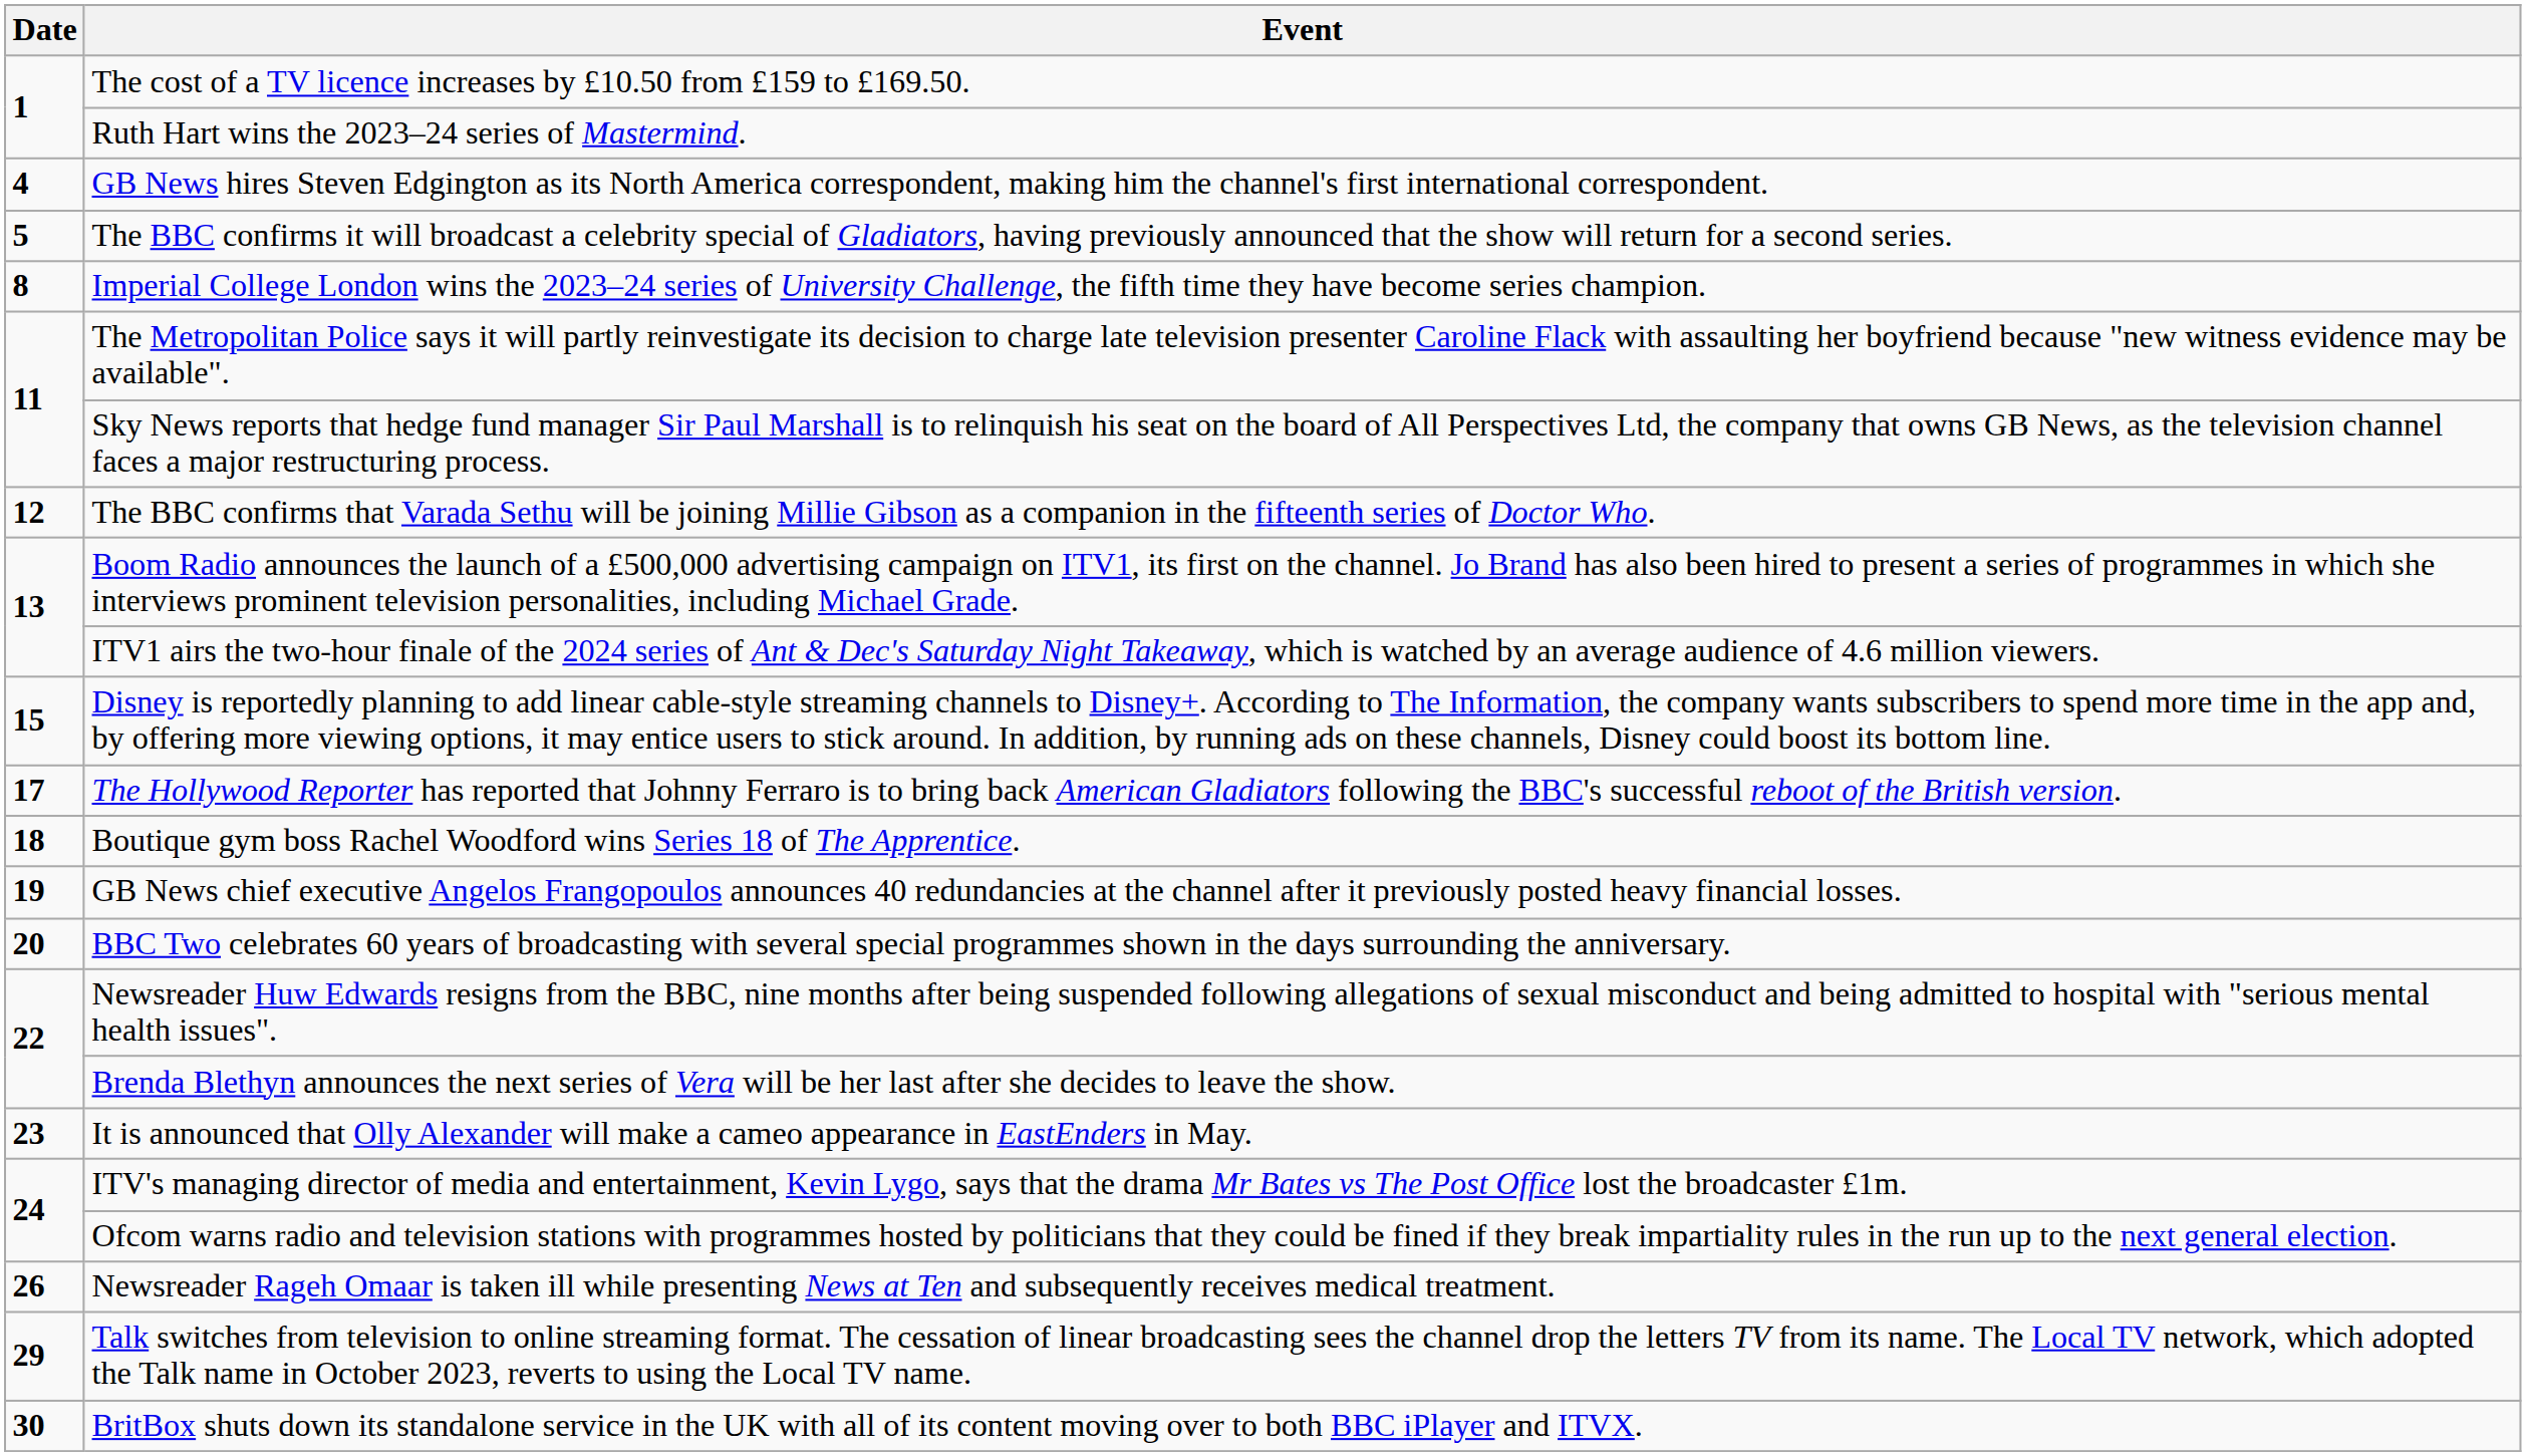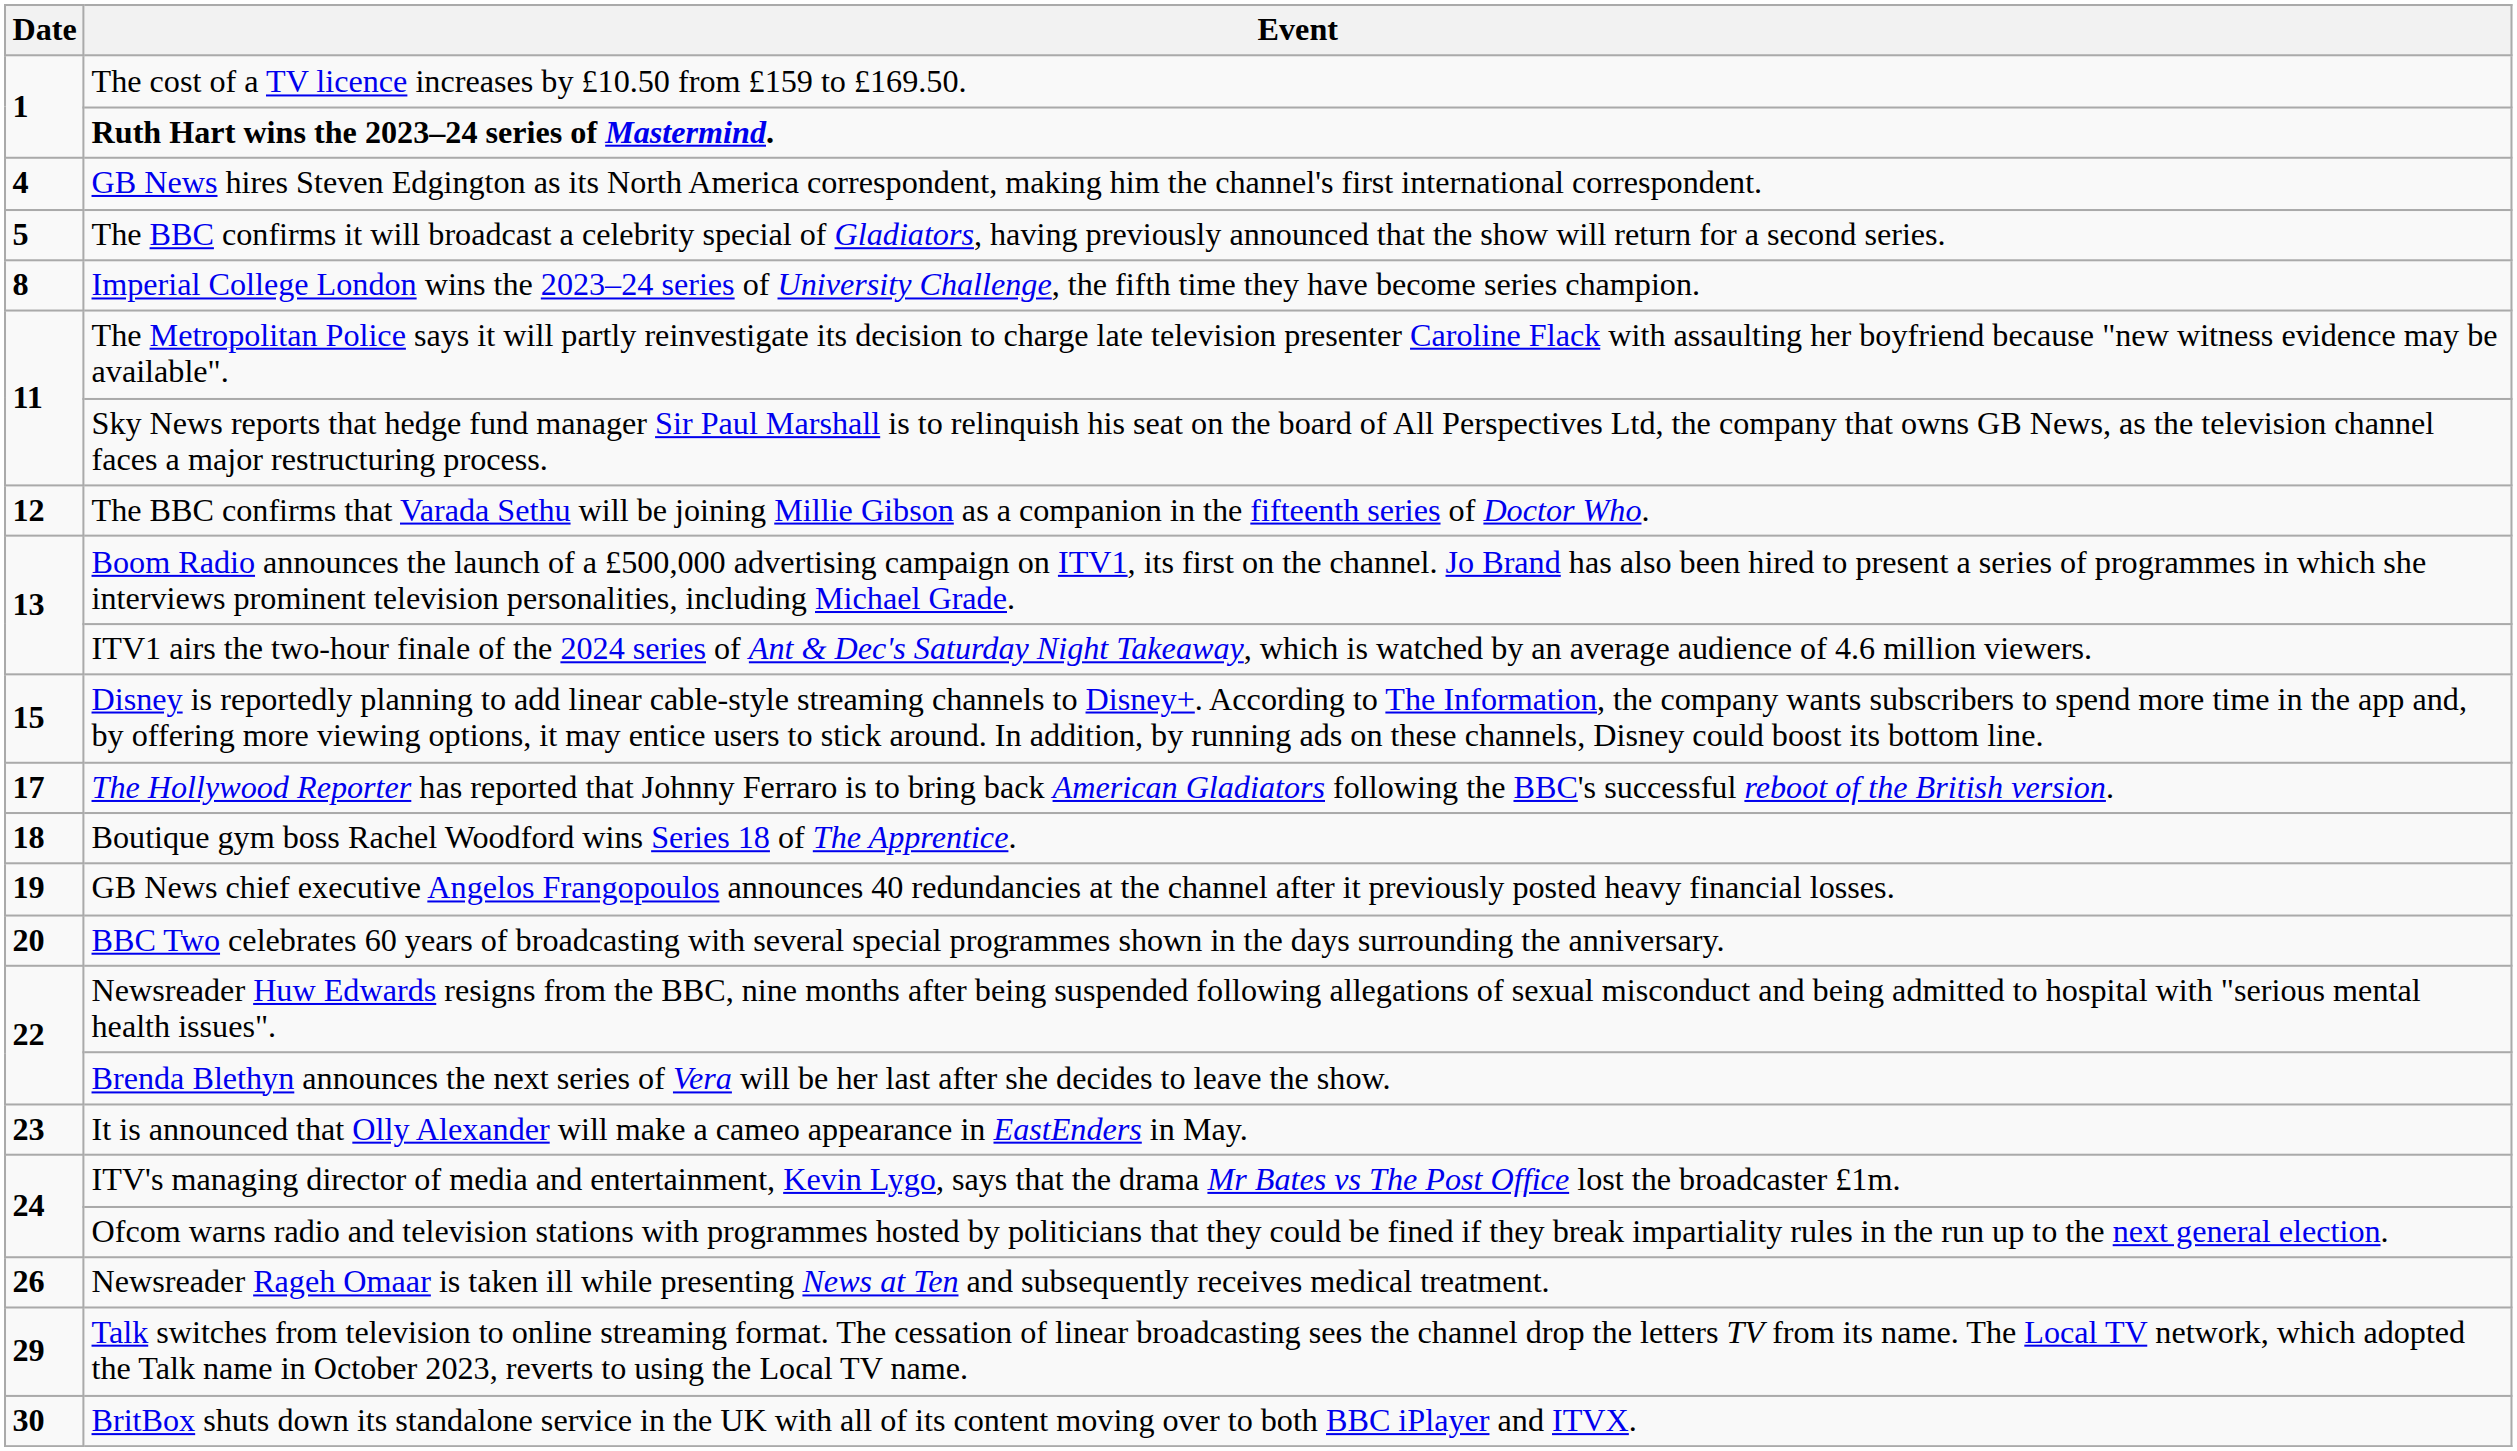 <table class="wikitable">
 <tr>
 <th>Date</th>
 <th>Event</th>
 </tr>
 <tr>
 <td rowspan=2><strong>1</strong></td>
 <td>The cost of a <a href='#'>TV licence</a> increases by £10.50 from £159 to £169.50.</td>
 </tr>
 <tr>
-<td>Ruth Hart wins the 2023–24 series of <em><a href='#'>Mastermind</a></em>.</td>
+<td><strong>Ruth Hart wins the 2023–24 series of <em><a href='#'>Mastermind</a></em>.</strong></td>
 </tr>
 <tr>
 <td><strong>4</strong></td>
 <td><a href='#'>GB News</a> hires Steven Edgington as its North America correspondent, making him the channel's first international correspondent.</td>
 </tr>
 <tr>
 <td><strong>5</strong></td>
 <td>The <a href='#'>BBC</a> confirms it will broadcast a celebrity special of <em><a href='#'>Gladiators</a></em>, having previously announced that the show will return for a second series.</td>
 </tr>
 <tr>
 <td><strong>8</strong></td>
 <td><a href='#'>Imperial College London</a> wins the <a href='#'>2023–24 series</a> of <em><a href='#'>University Challenge</a></em>, the fifth time they have become series champion.</td>
 </tr>
 <tr>
 <td rowspan=2><strong>11</strong></td>
 <td>The <a href='#'>Metropolitan Police</a> says it will partly reinvestigate its decision to charge late television presenter <a href='#'>Caroline Flack</a> with assaulting her boyfriend because "new witness evidence may be available".</td>
 </tr>
 <tr>
 <td>Sky News reports that hedge fund manager <a href='#'>Sir Paul Marshall</a> is to relinquish his seat on the board of All Perspectives Ltd, the company that owns GB News, as the television channel faces a major restructuring process.</td>
 </tr>
 <tr>
 <td><strong>12</strong></td>
 <td>The BBC confirms that <a href='#'>Varada Sethu</a> will be joining <a href='#'>Millie Gibson</a> as a companion in the <a href='#'>fifteenth series</a> of <em><a href='#'>Doctor Who</a></em>.</td>
 </tr>
 <tr>
 <td rowspan=2><strong>13</strong></td>
 <td><a href='#'>Boom Radio</a> announces the launch of a £500,000 advertising campaign on <a href='#'>ITV1</a>, its first on the channel. <a href='#'>Jo Brand</a> has also been hired to present a series of programmes in which she interviews prominent television personalities, including <a href='#'>Michael Grade</a>.</td>
 </tr>
 <tr>
 <td>ITV1 airs the two-hour finale of the <a href='#'>2024 series</a> of <em><a href='#'>Ant & Dec's Saturday Night Takeaway</a></em>, which is watched by an average audience of 4.6 million viewers.</td>
 </tr>
 <tr>
 <td><strong>15</strong></td>
 <td><a href='#'>Disney</a> is reportedly planning to add linear cable-style streaming channels to <a href='#'>Disney+</a>. According to <a href='#'>The Information</a>, the company wants subscribers to spend more time in the app and, by offering more viewing options, it may entice users to stick around. In addition, by running ads on these channels, Disney could boost its bottom line.</td>
 </tr>
 <tr>
 <td><strong>17</strong></td>
 <td><em><a href='#'>The Hollywood Reporter</a></em> has reported that Johnny Ferraro is to bring back <em><a href='#'>American Gladiators</a></em> following the <a href='#'>BBC</a>'s successful <em><a href='#'>reboot of the British version</a></em>.</td>
 </tr>
 <tr>
 <td><strong>18</strong></td>
 <td>Boutique gym boss Rachel Woodford wins <a href='#'>Series 18</a> of <em><a href='#'>The Apprentice</a></em>.</td>
 </tr>
 <tr>
 <td><strong>19</strong></td>
 <td>GB News chief executive <a href='#'>Angelos Frangopoulos</a> announces 40 redundancies at the channel after it previously posted heavy financial losses.</td>
 </tr>
 <tr>
 <td><strong>20</strong></td>
 <td><a href='#'>BBC Two</a> celebrates 60 years of broadcasting with several special programmes shown in the days surrounding the anniversary.</td>
 </tr>
 <tr>
 <td rowspan=2><strong>22</strong></td>
 <td>Newsreader <a href='#'>Huw Edwards</a> resigns from the BBC, nine months after being suspended following allegations of sexual misconduct and being admitted to hospital with "serious mental health issues".</td>
 </tr>
 <tr>
 <td><a href='#'>Brenda Blethyn</a> announces the next series of <em><a href='#'>Vera</a></em> will be her last after she decides to leave the show.</td>
 </tr>
 <tr>
 <td><strong>23</strong></td>
 <td>It is announced that <a href='#'>Olly Alexander</a> will make a cameo appearance in <em><a href='#'>EastEnders</a></em> in May.</td>
 </tr>
 <tr>
 <td rowspan=2><strong>24</strong></td>
 <td>ITV's managing director of media and entertainment, <a href='#'>Kevin Lygo</a>, says that the drama <em><a href='#'>Mr Bates vs The Post Office</a></em> lost the broadcaster £1m.</td>
 </tr>
 <tr>
 <td>Ofcom warns radio and television stations with programmes hosted by politicians that they could be fined if they break impartiality rules in the run up to the <a href='#'>next general election</a>.</td>
 </tr>
 <tr>
 <td><strong>26</strong></td>
 <td>Newsreader <a href='#'>Rageh Omaar</a> is taken ill while presenting <em><a href='#'>News at Ten</a></em> and subsequently receives medical treatment.</td>
 </tr>
 <tr>
 <td><strong>29</strong></td>
 <td><a href='#'>Talk</a> switches from television to online streaming format. The cessation of linear broadcasting sees the channel drop the letters <em>TV</em> from its name. The <a href='#'>Local TV</a> network, which adopted the Talk name in October 2023, reverts to using the Local TV name.</td>
 </tr>
 <tr>
 <td><strong>30</strong></td>
 <td><a href='#'>BritBox</a> shuts down its standalone service in the UK with all of its content moving over to both <a href='#'>BBC iPlayer</a> and <a href='#'>ITVX</a>.</td>
 </tr>
 </table>
